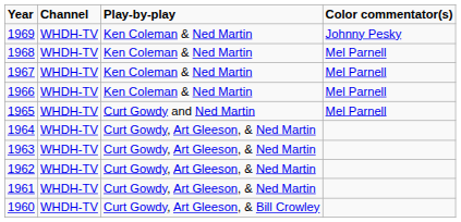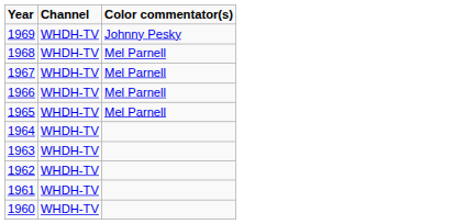 <table class="wikitable">
 <tr>
 <td><strong>Year</strong></td>
 <td><strong>Channel</strong></td>
-<td><strong>Play-by-play</strong></td>
 <td><strong>Color commentator(s)</strong></td>
 </tr>
 <tr>
 <td><a href='#'>1969</a></td>
 <td><a href='#'>WHDH-TV</a></td>
-<td><a href='#'>Ken Coleman</a> & <a href='#'>Ned Martin</a></td>
 <td><a href='#'>Johnny Pesky</a></td>
 </tr>
 <tr>
 <td><a href='#'>1968</a></td>
 <td><a href='#'>WHDH-TV</a></td>
-<td><a href='#'>Ken Coleman</a> & <a href='#'>Ned Martin</a></td>
 <td><a href='#'>Mel Parnell</a></td>
 </tr>
 <tr>
 <td><a href='#'>1967</a></td>
 <td><a href='#'>WHDH-TV</a></td>
-<td><a href='#'>Ken Coleman</a> & <a href='#'>Ned Martin</a></td>
 <td><a href='#'>Mel Parnell</a></td>
 </tr>
 <tr>
 <td><a href='#'>1966</a></td>
 <td><a href='#'>WHDH-TV</a></td>
-<td><a href='#'>Ken Coleman</a> & <a href='#'>Ned Martin</a></td>
 <td><a href='#'>Mel Parnell</a></td>
 </tr>
 <tr>
 <td><a href='#'>1965</a></td>
 <td><a href='#'>WHDH-TV</a></td>
-<td><a href='#'>Curt Gowdy</a> and <a href='#'>Ned Martin</a></td>
 <td><a href='#'>Mel Parnell</a></td>
 </tr>
 <tr>
 <td><a href='#'>1964</a></td>
 <td><a href='#'>WHDH-TV</a></td>
-<td><a href='#'>Curt Gowdy</a>, <a href='#'>Art Gleeson</a>, & <a href='#'>Ned Martin</a></td>
 <td></td>
 </tr>
 <tr>
 <td><a href='#'>1963</a></td>
 <td><a href='#'>WHDH-TV</a></td>
-<td><a href='#'>Curt Gowdy</a>, <a href='#'>Art Gleeson</a>, & <a href='#'>Ned Martin</a></td>
 <td></td>
 </tr>
 <tr>
 <td><a href='#'>1962</a></td>
 <td><a href='#'>WHDH-TV</a></td>
-<td><a href='#'>Curt Gowdy</a>, <a href='#'>Art Gleeson</a>, & <a href='#'>Ned Martin</a></td>
 <td></td>
 </tr>
 <tr>
 <td><a href='#'>1961</a></td>
 <td><a href='#'>WHDH-TV</a></td>
-<td><a href='#'>Curt Gowdy</a>, <a href='#'>Art Gleeson</a>, & <a href='#'>Ned Martin</a></td>
 <td></td>
 </tr>
 <tr>
 <td><a href='#'>1960</a></td>
 <td><a href='#'>WHDH-TV</a></td>
-<td><a href='#'>Curt Gowdy</a>, <a href='#'>Art Gleeson</a>, & <a href='#'>Bill Crowley</a></td>
 <td></td>
 </tr>
 </table>
